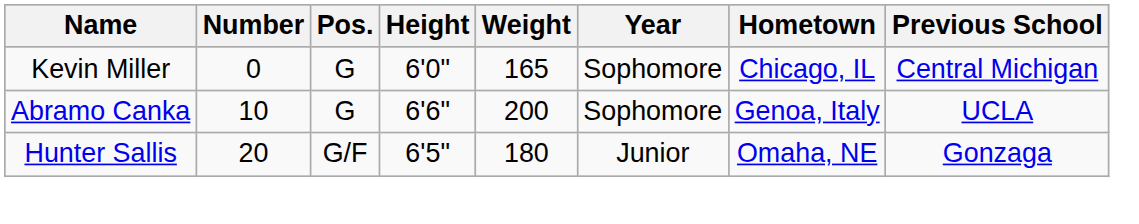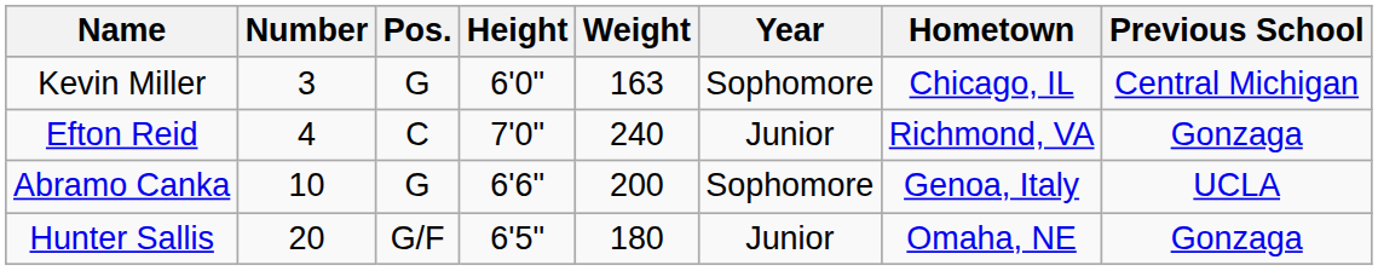 <table class="wikitable sortable" border="1" style="text-align:center;">
 <tr align=center>
 <th>Name</th>
 <th>Number</th>
 <th>Pos.</th>
 <th>Height</th>
 <th>Weight</th>
 <th>Year</th>
 <th>Hometown</th>
 <th>Previous School</th>
 </tr>
 <tr>
 <td>Kevin Miller</td>
-<td>0</td>
+<td>3</td>
 <td>G</td>
 <td>6'0"</td>
-<td>165</td>
+<td>163</td>
 <td>Sophomore</td>
 <td><a href='#'>Chicago, IL</a></td>
 <td><a href='#'>Central Michigan</a></td>
+</tr>
+<tr>
+<td><a href='#'>Efton Reid</a></td>
+<td>4</td>
+<td>C</td>
+<td>7'0"</td>
+<td>240</td>
+<td>Junior</td>
+<td><a href='#'>Richmond, VA</a></td>
+<td><a href='#'>Gonzaga</a></td>
 </tr>
 <tr>
 <td><a href='#'>Abramo Canka</a></td>
 <td>10</td>
 <td>G</td>
 <td>6'6"</td>
 <td>200</td>
 <td>Sophomore</td>
 <td><a href='#'>Genoa, Italy</a></td>
 <td><a href='#'>UCLA</a></td>
 </tr>
 <tr>
 <td><a href='#'>Hunter Sallis</a></td>
 <td>20</td>
 <td>G/F</td>
 <td>6'5"</td>
 <td>180</td>
 <td>Junior</td>
 <td><a href='#'>Omaha, NE</a></td>
 <td><a href='#'>Gonzaga</a></td>
 </tr>
 </table>
